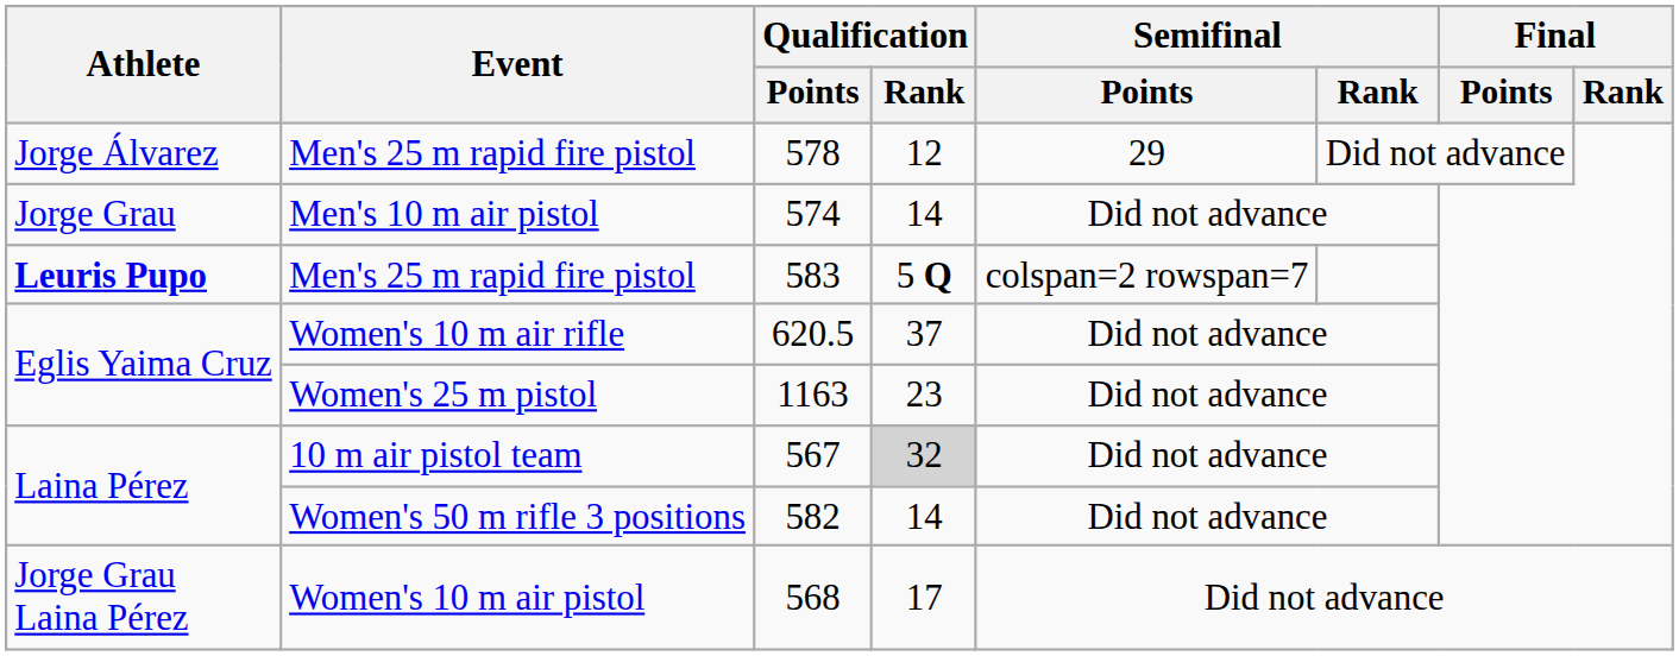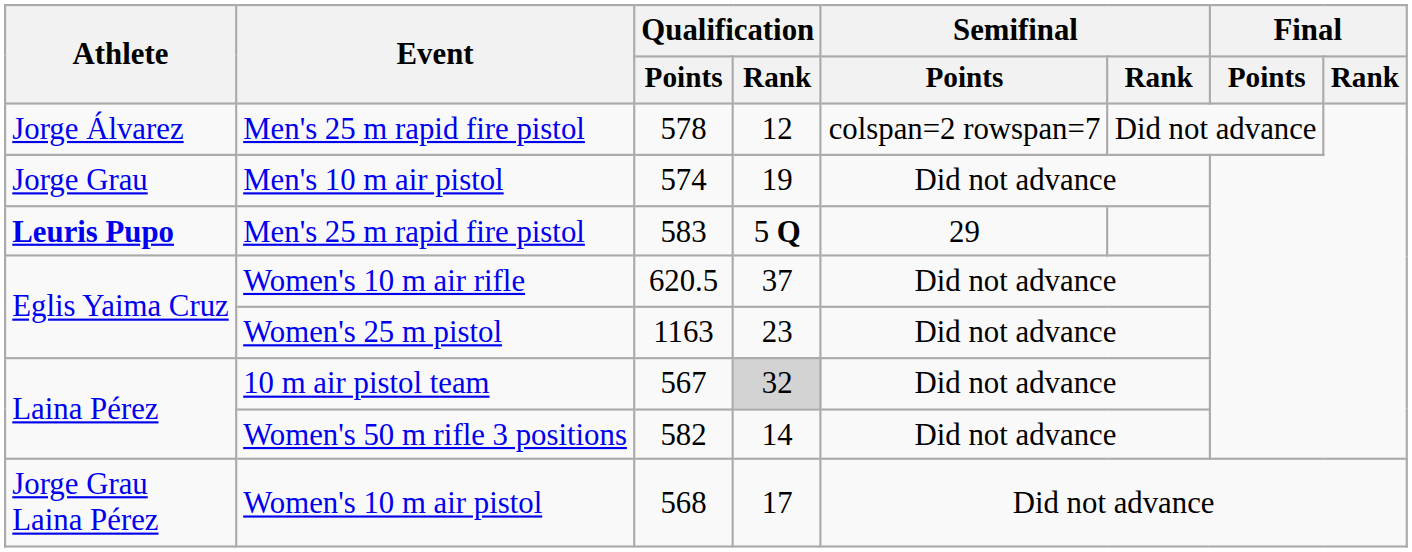 <table class="wikitable" style="font-size:90%">
 <tr>
 <th rowspan="2">Athlete</th>
 <th rowspan="2">Event</th>
 <th colspan=2>Qualification</th>
 <th colspan=2>Semifinal</th>
 <th colspan=2>Final</th>
 </tr>
 <tr style="font-size:95%">
 <th>Points</th>
 <th>Rank</th>
 <th>Points</th>
 <th>Rank</th>
 <th>Points</th>
 <th>Rank</th>
 </tr>
 <tr align=center>
 <td align=left><a href='#'>Jorge Álvarez</a></td>
 <td align=left><a href='#'>Men's 25 m rapid fire pistol</a></td>
 <td>578</td>
 <td>12</td>
-<td>29</td>
+<td>colspan=2 rowspan=7 </td>
 <td colspan="2">Did not advance</td>
 </tr>
 <tr align=center>
 <td align=left><a href='#'>Jorge Grau</a></td>
 <td align=left><a href='#'>Men's 10 m air pistol</a></td>
 <td>574</td>
-<td>14</td>
+<td>19</td>
 <td colspan="2">Did not advance</td>
 </tr>
 <tr align=center>
 <td align=left><strong><a href='#'>Leuris Pupo</a></strong></td>
 <td align=left><a href='#'>Men's 25 m rapid fire pistol</a></td>
 <td>583</td>
 <td>5 <strong>Q</strong></td>
-<td>colspan=2 rowspan=7 </td>
+<td>29</td>
 <td></td>
 </tr>
 <tr align=center>
 <td align=left rowspan=2><a href='#'>Eglis Yaima Cruz</a></td>
 <td align=left><a href='#'>Women's 10 m air rifle</a></td>
 <td>620.5</td>
 <td>37</td>
 <td colspan=2>Did not advance</td>
 </tr>
 <tr align=center>
 <td align=left><a href='#'>Women's 25 m pistol</a></td>
 <td>1163</td>
 <td>23</td>
 <td colspan=2>Did not advance</td>
 </tr>
 <tr align=center>
 <td align=left rowspan=2><a href='#'>Laina Pérez</a></td>
 <td align=left><a href='#'>10 m air pistol team</a></td>
 <td>567</td>
 <td style="background: lightgrey;">32</td>
 <td colspan=2>Did not advance</td>
 </tr>
 <tr align=center>
 <td align=left><a href='#'>Women's 50 m rifle 3 positions</a></td>
 <td>582</td>
 <td>14</td>
 <td colspan=2>Did not advance</td>
 </tr>
 <tr align=center>
 <td align=left><a href='#'>Jorge Grau</a><br><a href='#'>Laina Pérez</a></td>
 <td align=left><a href='#'>Women's 10 m air pistol</a></td>
 <td>568</td>
 <td>17</td>
 <td colspan=4>Did not advance</td>
 </tr>
 </table>
